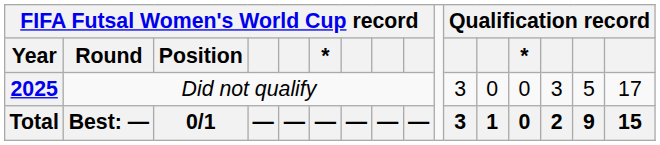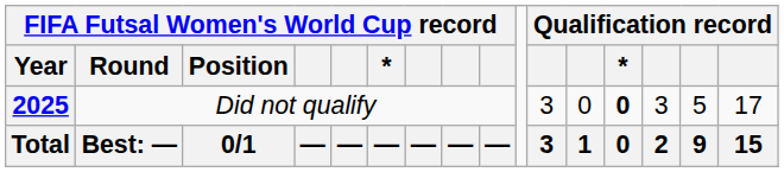 <table class="wikitable" style="text-align: center;">
 <tr>
 <th colspan="9"><a href='#'>FIFA Futsal Women's World Cup</a> record</th>
 <td rowspan=13></td>
 <th colspan=6>Qualification record</th>
 </tr>
 <tr>
 <th>Year</th>
 <th>Round</th>
 <th>Position</th>
 <th></th>
 <th></th>
 <th>*</th>
 <th></th>
 <th></th>
 <th></th>
 <th></th>
 <th></th>
 <th>*</th>
 <th></th>
 <th></th>
 <th></th>
 </tr>
 <tr>
 <th> <a href='#'>2025</a></th>
 <td colspan="8"><em>Did not qualify</em></td>
 <td>3</td>
 <td>0</td>
-<td>0</td>
+<td><strong>0</strong></td>
 <td>3</td>
 <td>5</td>
 <td>17</td>
 </tr>
 <tr>
 <th>Total</th>
 <th>Best: —</th>
 <th>0/1</th>
 <th>—</th>
 <th>—</th>
 <th>—</th>
 <th>—</th>
 <th>—</th>
 <th>—</th>
 <th>3</th>
 <th>1</th>
 <th>0</th>
 <th>2</th>
 <th>9</th>
 <th>15</th>
 </tr>
 </table>
